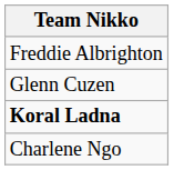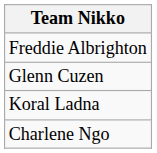 <table class="wikitable" style="display: inline-table;">
 <tr>
 <th>Team Nikko</th>
 </tr>
 <tr>
 <td>Freddie Albrighton</td>
 </tr>
 <tr>
 <td>Glenn Cuzen</td>
 </tr>
 <tr>
-<td><strong>Koral Ladna</strong></td>
+<td>Koral Ladna</td>
 </tr>
 <tr>
 <td>Charlene Ngo</td>
 </tr>
 </table>
